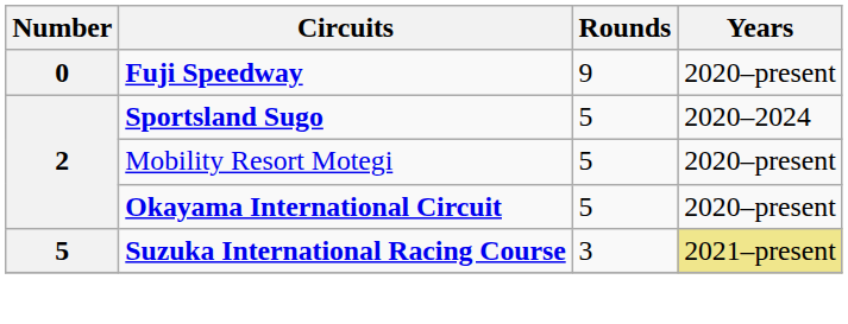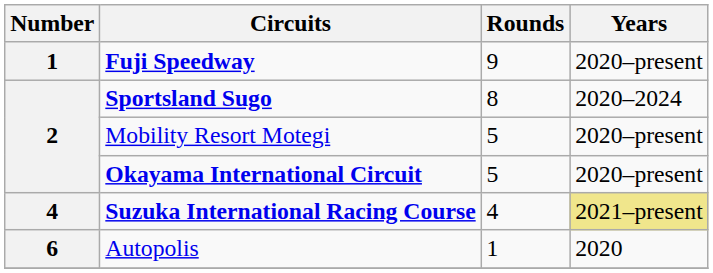 <table class="wikitable" style="text-align=center">
 <tr>
 <th>Number</th>
 <th>Circuits</th>
 <th>Rounds</th>
 <th>Years</th>
 </tr>
 <tr>
-<th>0</th>
+<th>1</th>
 <td><strong> <a href='#'>Fuji Speedway</a></strong></td>
 <td>9</td>
 <td>2020–⁠present</td>
 </tr>
 <tr>
 <th rowspan=3>2</th>
 <td><strong> <a href='#'>Sportsland Sugo</a></strong></td>
-<td>5</td>
+<td>8</td>
 <td>2020–2024</td>
 </tr>
 <tr>
 <td> <a href='#'>Mobility Resort Motegi</a></td>
 <td>5</td>
 <td>2020–present</td>
 </tr>
 <tr>
 <td> <strong><a href='#'>Okayama International Circuit</a></strong></td>
 <td>5</td>
 <td>2020–present</td>
 </tr>
 <tr>
-<th>5</th>
+<th>4</th>
 <td><strong> <a href='#'>Suzuka International Racing Course</a></strong></td>
-<td>3</td>
+<td>4</td>
 <td style="background: khaki;">2021–present</td>
+</tr>
+<tr>
+<th>6</th>
+<td> <a href='#'>Autopolis</a></td>
+<td>1</td>
+<td>2020</td>
 </tr>
 <tr>
 </tr>
 </table>
